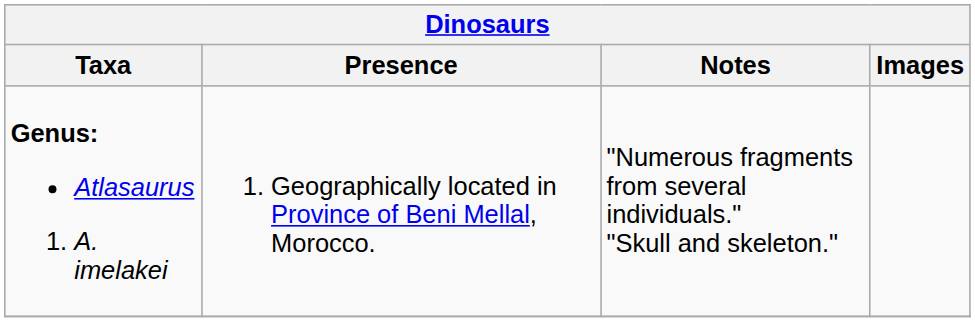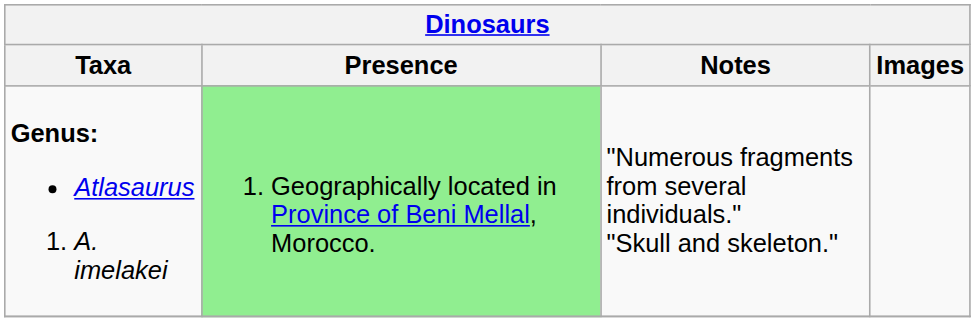 <table class="wikitable" align="center">
 <tr>
 <th colspan="5" align="center"><strong><a href='#'>Dinosaurs</a></strong></th>
 </tr>
 <tr>
 <th>Taxa</th>
 <th>Presence</th>
 <th>Notes</th>
 <th>Images</th>
 </tr>
 <tr>
 <td><br><strong>Genus:</strong><ul><li><em><a href='#'>Atlasaurus</a></em></li></ul><ol><li><em>A. imelakei</em></li></ol></td>
-<td><br><ol><li>Geographically located in <a href='#'>Province of Beni Mellal</a>, Morocco.</li></ol></td>
+<td style="background: lightgreen;"><br><ol><li>Geographically located in <a href='#'>Province of Beni Mellal</a>, Morocco.</li></ol></td>
 <td>"Numerous fragments from several individuals."<br>"Skull and skeleton."</td>
 <td></td>
 </tr>
 <tr>
 </tr>
 </table>
